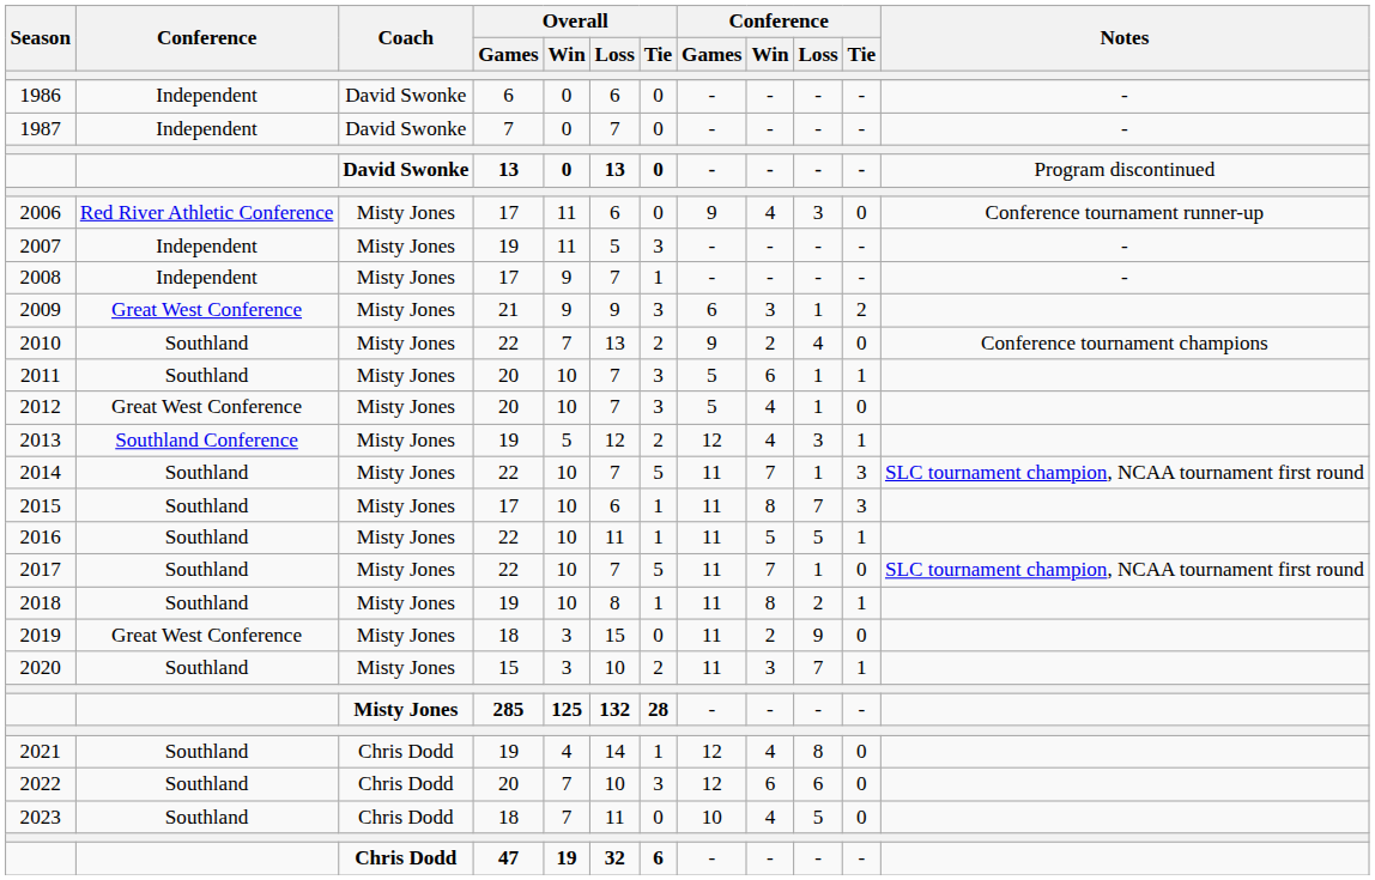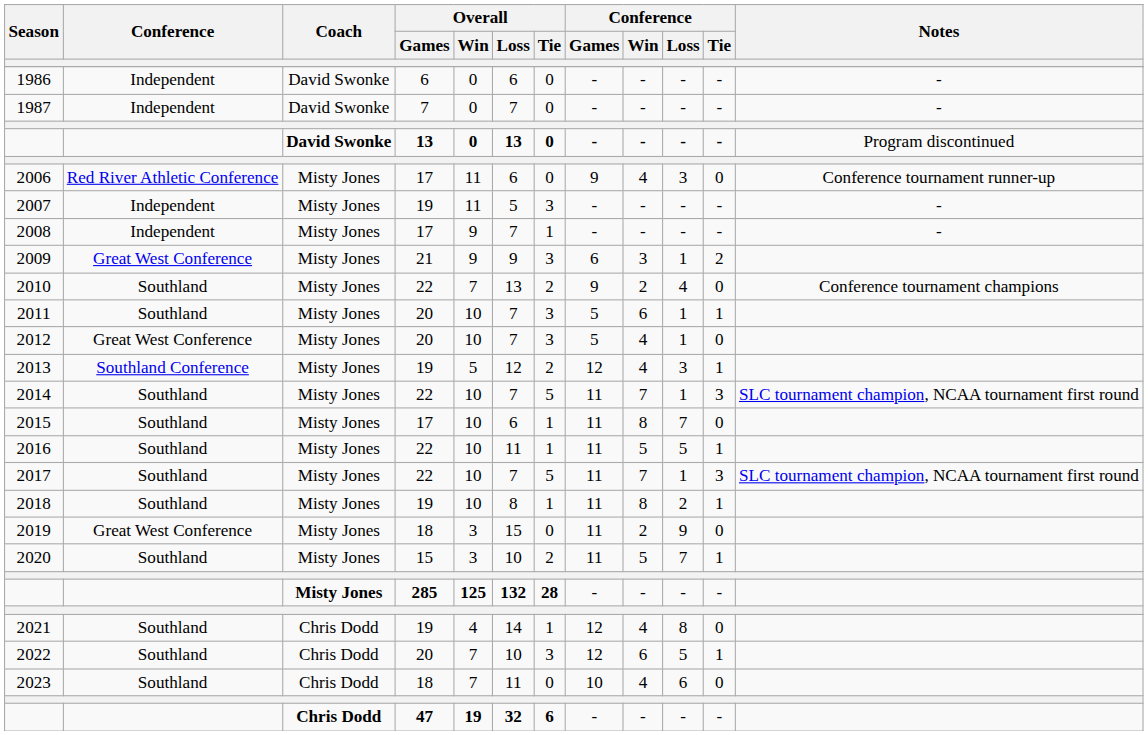 <table class="wikitable" style="text-align: center;">
 <tr>
 <th rowspan=2>Season</th>
 <th rowspan=2>Conference</th>
 <th rowspan=2>Coach</th>
 <th colspan="4">Overall</th>
 <th colspan="4">Conference</th>
 <th rowspan=2>Notes</th>
 </tr>
 <tr>
 <th>Games</th>
 <th>Win</th>
 <th>Loss</th>
 <th>Tie</th>
 <th>Games</th>
 <th>Win</th>
 <th>Loss</th>
 <th>Tie</th>
 </tr>
 <tr>
 <th colspan=12></th>
 </tr>
 <tr>
 </tr>
 <tr>
 <td>1986</td>
 <td>Independent</td>
 <td>David Swonke</td>
 <td>6</td>
 <td>0</td>
 <td>6</td>
 <td>0</td>
 <td>-</td>
 <td>-</td>
 <td>-</td>
 <td>-</td>
 <td>-</td>
 </tr>
 <tr>
 <td>1987</td>
 <td>Independent</td>
 <td>David Swonke</td>
 <td>7</td>
 <td>0</td>
 <td>7</td>
 <td>0</td>
 <td>-</td>
 <td>-</td>
 <td>-</td>
 <td>-</td>
 <td>-</td>
 </tr>
 <tr>
 <th colspan=12></th>
 </tr>
 <tr>
 <td></td>
 <td></td>
 <td><strong>David Swonke</strong></td>
 <td><strong>13</strong></td>
 <td><strong>0</strong></td>
 <td><strong>13</strong></td>
 <td><strong>0</strong></td>
 <td><strong>-</strong></td>
 <td><strong>-</strong></td>
 <td><strong>-</strong></td>
 <td><strong>-</strong></td>
 <td>Program discontinued</td>
 </tr>
 <tr>
 <th colspan=12></th>
 </tr>
 <tr>
 <td>2006</td>
 <td><a href='#'>Red River Athletic Conference</a></td>
 <td>Misty Jones</td>
 <td>17</td>
 <td>11</td>
 <td>6</td>
 <td>0</td>
 <td>9</td>
 <td>4</td>
 <td>3</td>
 <td>0</td>
 <td>Conference tournament runner-up</td>
 </tr>
 <tr>
 <td>2007</td>
 <td>Independent</td>
 <td>Misty Jones</td>
 <td>19</td>
 <td>11</td>
 <td>5</td>
 <td>3</td>
 <td>-</td>
 <td>-</td>
 <td>-</td>
 <td>-</td>
 <td>-</td>
 </tr>
 <tr>
 <td>2008</td>
 <td>Independent</td>
 <td>Misty Jones</td>
 <td>17</td>
 <td>9</td>
 <td>7</td>
 <td>1</td>
 <td>-</td>
 <td>-</td>
 <td>-</td>
 <td>-</td>
 <td>-</td>
 </tr>
 <tr>
 <td>2009</td>
 <td><a href='#'>Great West Conference</a></td>
 <td>Misty Jones</td>
 <td>21</td>
 <td>9</td>
 <td>9</td>
 <td>3</td>
 <td>6</td>
 <td>3</td>
 <td>1</td>
 <td>2</td>
 <td></td>
 </tr>
 <tr>
 <td>2010</td>
 <td>Southland</td>
 <td>Misty Jones</td>
 <td>22</td>
 <td>7</td>
 <td>13</td>
 <td>2</td>
 <td>9</td>
 <td>2</td>
 <td>4</td>
 <td>0</td>
 <td>Conference tournament champions</td>
 </tr>
 <tr>
 <td>2011</td>
 <td>Southland</td>
 <td>Misty Jones</td>
 <td>20</td>
 <td>10</td>
 <td>7</td>
 <td>3</td>
 <td>5</td>
 <td>6</td>
 <td>1</td>
 <td>1</td>
 <td></td>
 </tr>
 <tr>
 <td>2012</td>
 <td>Great West Conference</td>
 <td>Misty Jones</td>
 <td>20</td>
 <td>10</td>
 <td>7</td>
 <td>3</td>
 <td>5</td>
 <td>4</td>
 <td>1</td>
 <td>0</td>
 <td></td>
 </tr>
 <tr>
 <td>2013</td>
 <td><a href='#'>Southland Conference</a></td>
 <td>Misty Jones</td>
 <td>19</td>
 <td>5</td>
 <td>12</td>
 <td>2</td>
 <td>12</td>
 <td>4</td>
 <td>3</td>
 <td>1</td>
 <td></td>
 </tr>
 <tr>
 <td>2014</td>
 <td>Southland</td>
 <td>Misty Jones</td>
 <td>22</td>
 <td>10</td>
 <td>7</td>
 <td>5</td>
 <td>11</td>
 <td>7</td>
 <td>1</td>
 <td>3</td>
 <td><a href='#'>SLC tournament champion</a>, NCAA tournament first round</td>
 </tr>
 <tr>
 <td>2015</td>
 <td>Southland</td>
 <td>Misty Jones</td>
 <td>17</td>
 <td>10</td>
 <td>6</td>
 <td>1</td>
 <td>11</td>
 <td>8</td>
 <td>7</td>
-<td>3</td>
+<td>0</td>
 <td></td>
 </tr>
 <tr>
 <td>2016</td>
 <td>Southland</td>
 <td>Misty Jones</td>
 <td>22</td>
 <td>10</td>
 <td>11</td>
 <td>1</td>
 <td>11</td>
 <td>5</td>
 <td>5</td>
 <td>1</td>
 <td></td>
 </tr>
 <tr>
 <td>2017</td>
 <td>Southland</td>
 <td>Misty Jones</td>
 <td>22</td>
 <td>10</td>
 <td>7</td>
 <td>5</td>
 <td>11</td>
 <td>7</td>
 <td>1</td>
-<td>0</td>
+<td>3</td>
 <td><a href='#'>SLC tournament champion</a>, NCAA tournament first round</td>
 </tr>
 <tr>
 <td>2018</td>
 <td>Southland</td>
 <td>Misty Jones</td>
 <td>19</td>
 <td>10</td>
 <td>8</td>
 <td>1</td>
 <td>11</td>
 <td>8</td>
 <td>2</td>
 <td>1</td>
 <td></td>
 </tr>
 <tr>
 <td>2019</td>
 <td>Great West Conference</td>
 <td>Misty Jones</td>
 <td>18</td>
 <td>3</td>
 <td>15</td>
 <td>0</td>
 <td>11</td>
 <td>2</td>
 <td>9</td>
 <td>0</td>
 <td></td>
 </tr>
 <tr>
 <td>2020</td>
 <td>Southland</td>
 <td>Misty Jones</td>
 <td>15</td>
 <td>3</td>
 <td>10</td>
 <td>2</td>
 <td>11</td>
-<td>3</td>
+<td>5</td>
 <td>7</td>
 <td>1</td>
 <td></td>
 </tr>
 <tr>
 <th colspan=12></th>
 </tr>
 <tr>
 <td></td>
 <td></td>
 <td><strong>Misty Jones</strong></td>
 <td><strong>285</strong></td>
 <td><strong>125</strong></td>
 <td><strong>132</strong></td>
 <td><strong>28</strong></td>
 <td>-</td>
 <td>-</td>
 <td>-</td>
 <td>-</td>
 </tr>
 <tr>
 <th colspan=12></th>
 </tr>
 <tr>
 <td>2021</td>
 <td>Southland</td>
 <td>Chris Dodd</td>
 <td>19</td>
 <td>4</td>
 <td>14</td>
 <td>1</td>
 <td>12</td>
 <td>4</td>
 <td>8</td>
 <td>0</td>
 <td></td>
 </tr>
 <tr>
 <td>2022</td>
 <td>Southland</td>
 <td>Chris Dodd</td>
 <td>20</td>
 <td>7</td>
 <td>10</td>
 <td>3</td>
 <td>12</td>
 <td>6</td>
-<td>6</td>
-<td>0</td>
+<td>5</td>
+<td>1</td>
 <td></td>
 </tr>
 <tr>
 <td>2023</td>
 <td>Southland</td>
 <td>Chris Dodd</td>
 <td>18</td>
 <td>7</td>
 <td>11</td>
 <td>0</td>
 <td>10</td>
 <td>4</td>
-<td>5</td>
+<td>6</td>
 <td>0</td>
 <td></td>
 </tr>
 <tr>
 <th colspan=12></th>
 </tr>
 <tr>
 <td></td>
 <td></td>
 <td><strong>Chris Dodd</strong></td>
 <td><strong>47 </strong></td>
 <td><strong>19 </strong></td>
 <td><strong>32 </strong></td>
 <td><strong>6 </strong></td>
 <td>-</td>
 <td>-</td>
 <td>-</td>
 <td>-</td>
 </tr>
 </table>
